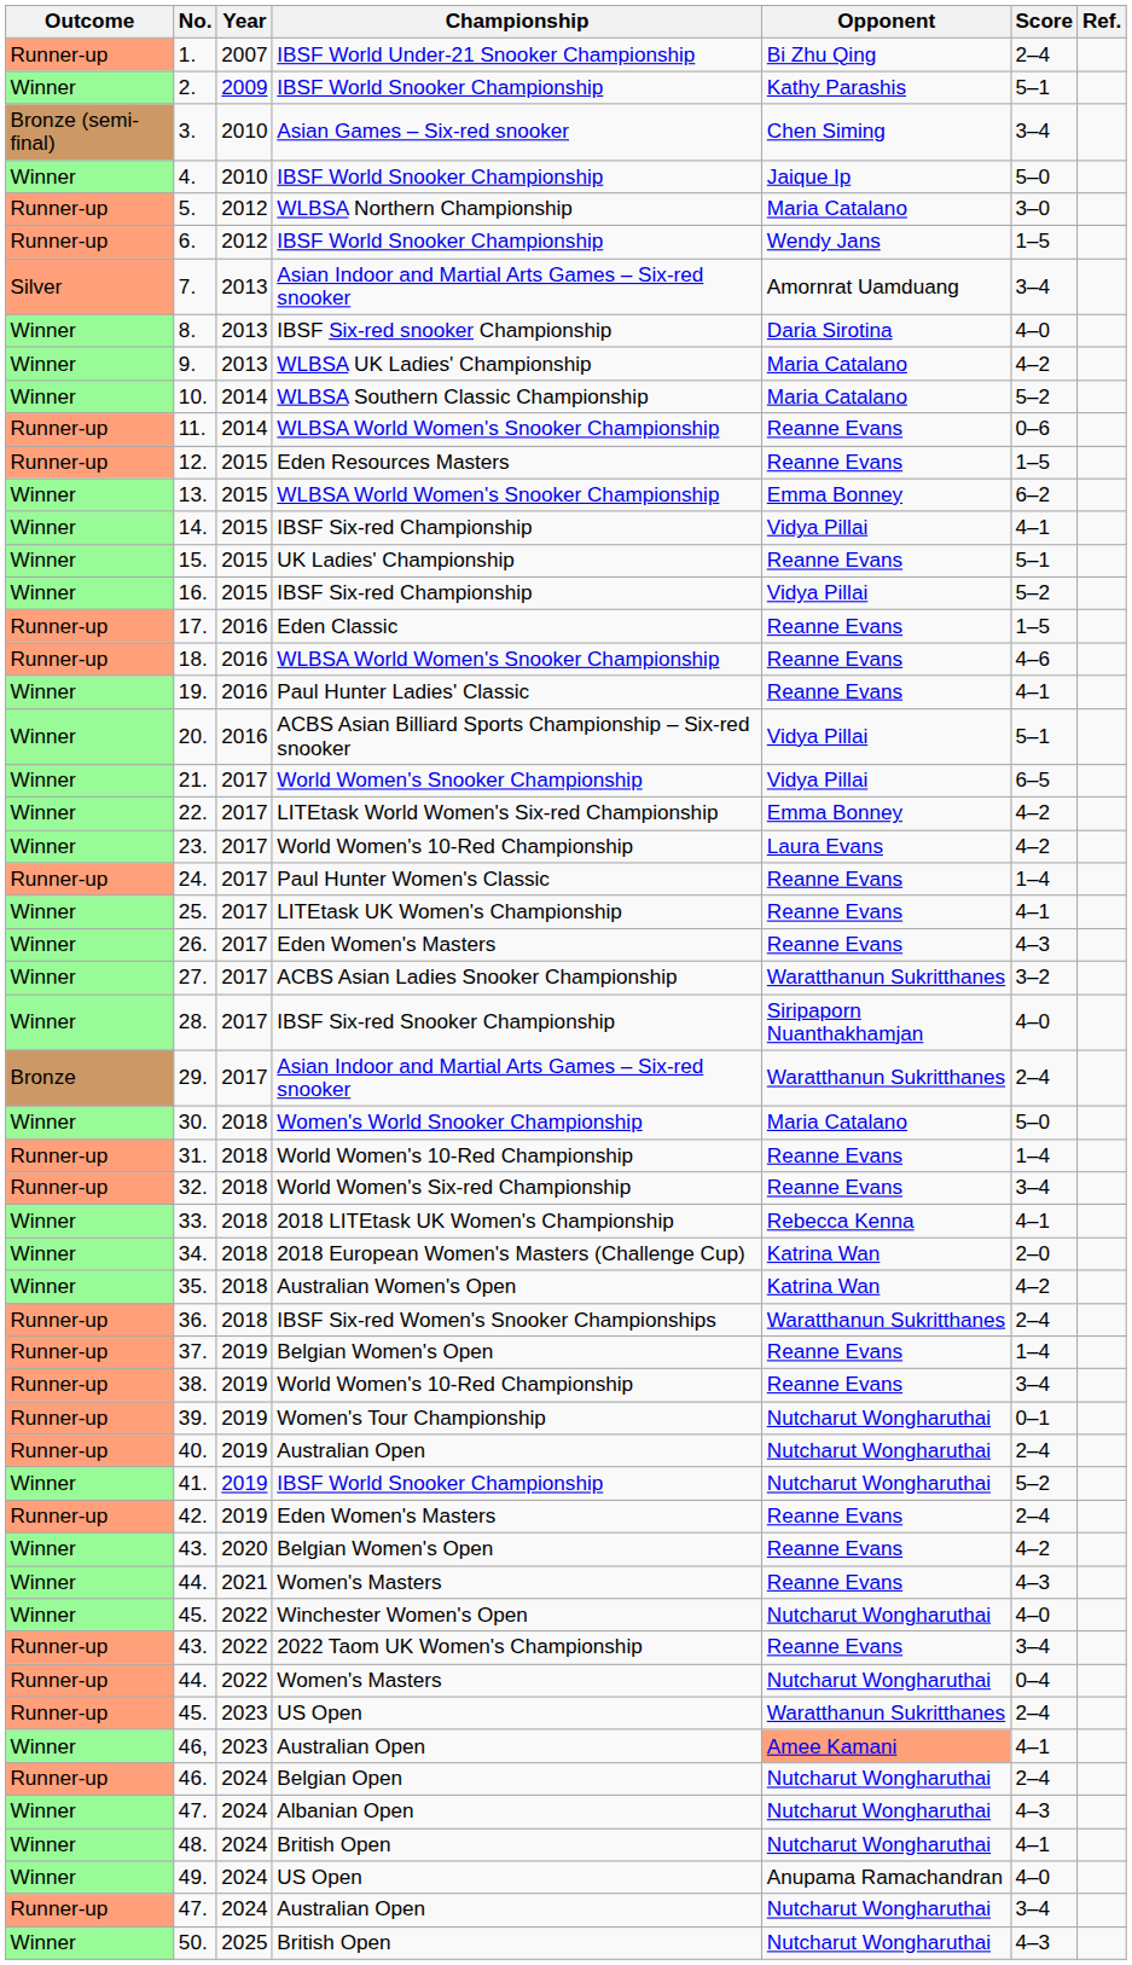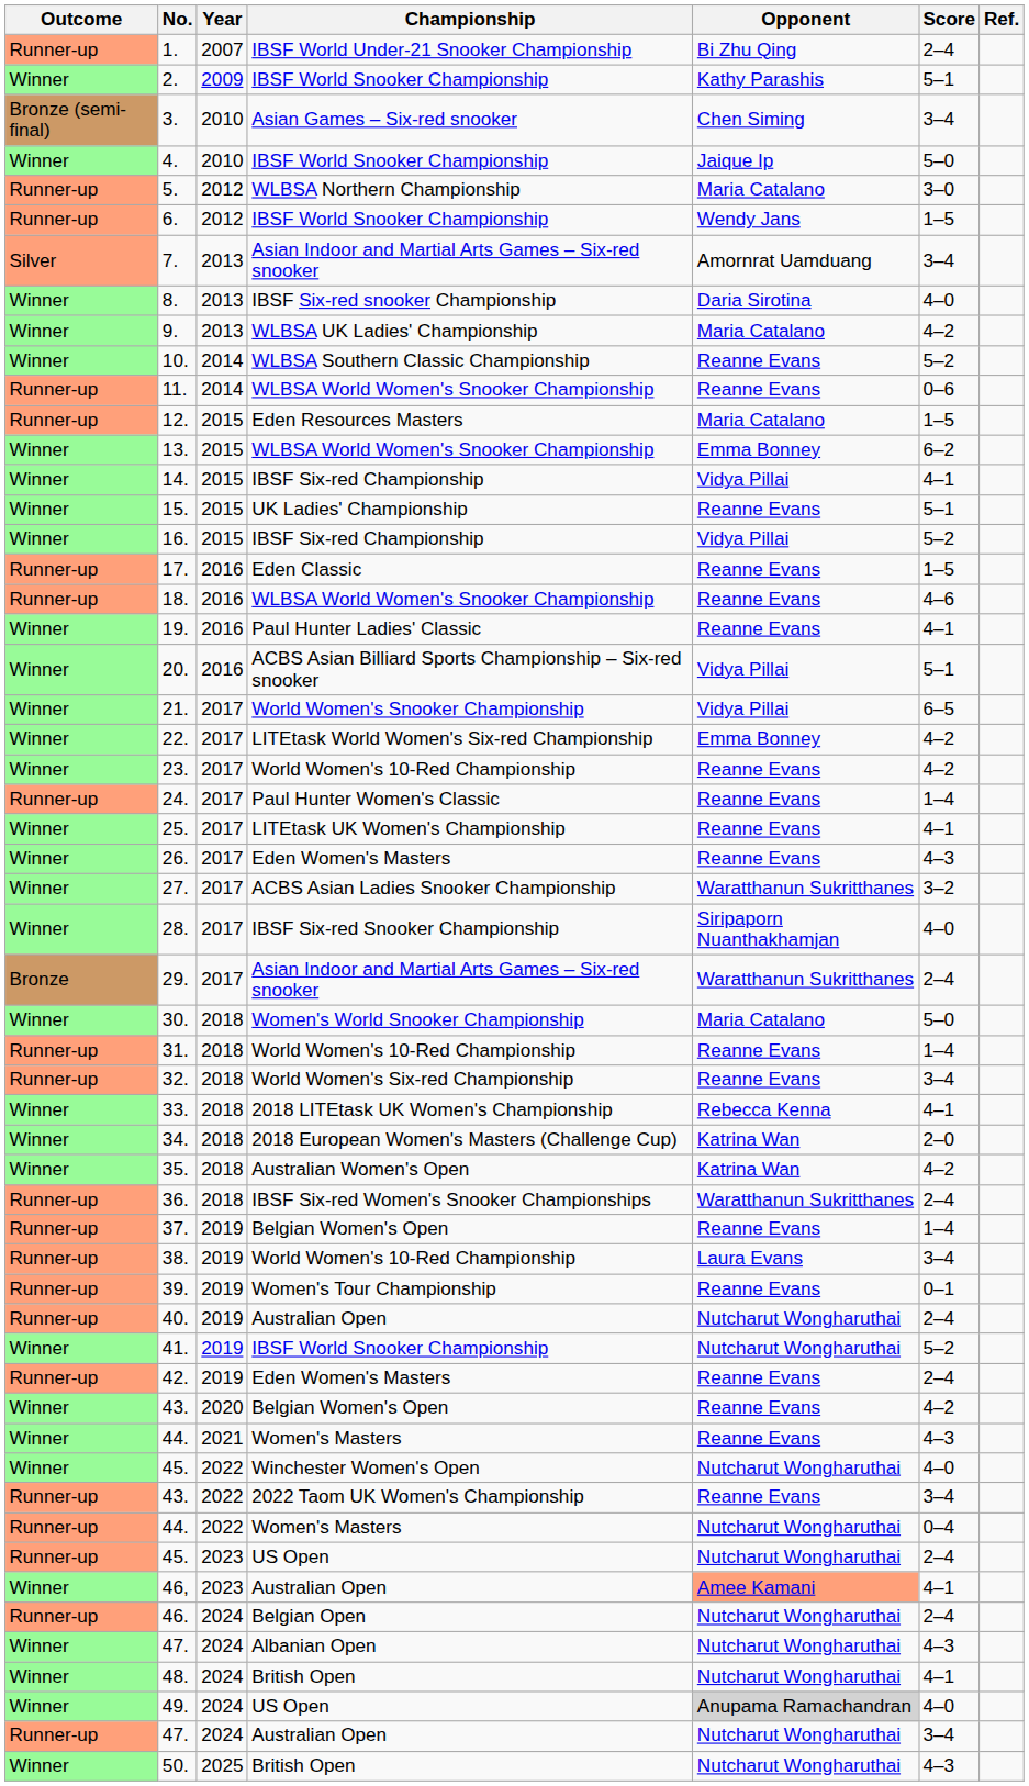 <table class="wikitable">
 <tr>
 <th>Outcome</th>
 <th>No.</th>
 <th>Year</th>
 <th>Championship</th>
 <th>Opponent</th>
 <th>Score</th>
 <th>Ref.</th>
 </tr>
 <tr>
 <td style="background:#ffa07a;">Runner-up</td>
 <td>1.</td>
 <td>2007</td>
 <td><a href='#'>IBSF World Under-21 Snooker Championship</a></td>
 <td><a href='#'>Bi Zhu Qing</a></td>
 <td>2–4</td>
 <td></td>
 </tr>
 <tr>
 <td style="background:#98FB98">Winner</td>
 <td>2.</td>
 <td><a href='#'>2009</a></td>
 <td><a href='#'>IBSF World Snooker Championship</a></td>
 <td><a href='#'>Kathy Parashis</a></td>
 <td>5–1</td>
 <td></td>
 </tr>
 <tr>
 <td style="background:#c96;">Bronze (semi-final)</td>
 <td>3.</td>
 <td>2010</td>
 <td><a href='#'>Asian Games – Six-red snooker</a></td>
 <td><a href='#'>Chen Siming</a></td>
 <td>3–4</td>
 <td></td>
 </tr>
 <tr>
 <td style="background:#98FB98">Winner</td>
 <td>4.</td>
 <td>2010</td>
 <td><a href='#'>IBSF World Snooker Championship</a></td>
 <td><a href='#'>Jaique Ip</a></td>
 <td>5–0</td>
 <td></td>
 </tr>
 <tr>
 <td style="background:#ffa07a;">Runner-up</td>
 <td>5.</td>
 <td>2012</td>
 <td><a href='#'>WLBSA</a> Northern Championship</td>
 <td><a href='#'>Maria Catalano</a></td>
 <td>3–0</td>
 <td></td>
 </tr>
 <tr>
 <td style="background:#ffa07a;">Runner-up</td>
 <td>6.</td>
 <td>2012</td>
 <td><a href='#'>IBSF World Snooker Championship</a></td>
 <td><a href='#'>Wendy Jans</a></td>
 <td>1–5</td>
 <td></td>
 </tr>
 <tr>
 <td style="background:#ffa07a;">Silver</td>
 <td>7.</td>
 <td>2013</td>
 <td><a href='#'>Asian Indoor and Martial Arts Games – Six-red snooker</a></td>
 <td>Amornrat Uamduang</td>
 <td>3–4</td>
 <td></td>
 </tr>
 <tr>
 <td style="background:#98FB98">Winner</td>
 <td>8.</td>
 <td>2013</td>
 <td>IBSF <a href='#'>Six-red snooker</a> Championship</td>
 <td><a href='#'>Daria Sirotina</a></td>
 <td>4–0</td>
 <td></td>
 </tr>
 <tr>
 <td style="background:#98FB98">Winner</td>
 <td>9.</td>
 <td>2013</td>
 <td><a href='#'>WLBSA</a> UK Ladies' Championship</td>
 <td><a href='#'>Maria Catalano</a></td>
 <td>4–2</td>
 <td></td>
 </tr>
 <tr>
 <td style="background:#98FB98">Winner</td>
 <td>10.</td>
 <td>2014</td>
 <td><a href='#'>WLBSA</a> Southern Classic Championship</td>
-<td><a href='#'>Maria Catalano</a></td>
+<td><a href='#'>Reanne Evans</a></td>
 <td>5–2</td>
 <td></td>
 </tr>
 <tr>
 <td style="background:#ffa07a;">Runner-up</td>
 <td>11.</td>
 <td>2014</td>
 <td><a href='#'>WLBSA World Women's Snooker Championship</a></td>
 <td><a href='#'>Reanne Evans</a></td>
 <td>0–6</td>
 <td></td>
 </tr>
 <tr>
 <td style="background:#ffa07a;">Runner-up</td>
 <td>12.</td>
 <td>2015</td>
 <td>Eden Resources Masters</td>
-<td><a href='#'>Reanne Evans</a></td>
+<td><a href='#'>Maria Catalano</a></td>
 <td>1–5</td>
 <td></td>
 </tr>
 <tr>
 <td style="background:#98FB98">Winner</td>
 <td>13.</td>
 <td>2015</td>
 <td><a href='#'>WLBSA World Women's Snooker Championship</a></td>
 <td><a href='#'>Emma Bonney</a></td>
 <td>6–2</td>
 <td></td>
 </tr>
 <tr>
 <td style="background:#98FB98">Winner</td>
 <td>14.</td>
 <td>2015</td>
 <td>IBSF Six-red Championship</td>
 <td><a href='#'>Vidya Pillai</a></td>
 <td>4–1</td>
 <td></td>
 </tr>
 <tr>
 <td style="background:#98FB98">Winner</td>
 <td>15.</td>
 <td>2015</td>
 <td>UK Ladies' Championship</td>
 <td><a href='#'>Reanne Evans</a></td>
 <td>5–1</td>
 <td></td>
 </tr>
 <tr>
 <td style="background:#98FB98">Winner</td>
 <td>16.</td>
 <td>2015</td>
 <td>IBSF Six-red Championship</td>
 <td><a href='#'>Vidya Pillai</a></td>
 <td>5–2</td>
 <td></td>
 </tr>
 <tr>
 <td style="background:#ffa07a;">Runner-up</td>
 <td>17.</td>
 <td>2016</td>
 <td>Eden Classic</td>
 <td><a href='#'>Reanne Evans</a></td>
 <td>1–5</td>
 <td></td>
 </tr>
 <tr>
 <td style="background:#ffa07a;">Runner-up</td>
 <td>18.</td>
 <td>2016</td>
 <td><a href='#'>WLBSA World Women's Snooker Championship</a></td>
 <td><a href='#'>Reanne Evans</a></td>
 <td>4–6</td>
 <td></td>
 </tr>
 <tr>
 <td style="background:#98FB98">Winner</td>
 <td>19.</td>
 <td>2016</td>
 <td>Paul Hunter Ladies' Classic</td>
 <td><a href='#'>Reanne Evans</a></td>
 <td>4–1</td>
 <td></td>
 </tr>
 <tr>
 <td style="background:#98FB98">Winner</td>
 <td>20.</td>
 <td>2016</td>
 <td>ACBS Asian Billiard Sports Championship – Six-red snooker</td>
 <td><a href='#'>Vidya Pillai</a></td>
 <td>5–1</td>
 <td></td>
 </tr>
 <tr>
 <td style="background:#98FB98">Winner</td>
 <td>21.</td>
 <td>2017</td>
 <td><a href='#'>World Women's Snooker Championship</a></td>
 <td><a href='#'>Vidya Pillai</a></td>
 <td>6–5</td>
 <td></td>
 </tr>
 <tr>
 <td style="background:#98FB98">Winner</td>
 <td>22.</td>
 <td>2017</td>
 <td>LITEtask World Women's Six-red Championship</td>
 <td><a href='#'>Emma Bonney</a></td>
 <td>4–2</td>
 <td></td>
 </tr>
 <tr>
 <td style="background:#98FB98">Winner</td>
 <td>23.</td>
 <td>2017</td>
 <td>World Women's 10-Red Championship</td>
-<td><a href='#'>Laura Evans</a></td>
+<td><a href='#'>Reanne Evans</a></td>
 <td>4–2</td>
 <td></td>
 </tr>
 <tr>
 <td style="background:#ffa07a;">Runner-up</td>
 <td>24.</td>
 <td>2017</td>
 <td>Paul Hunter Women's Classic</td>
 <td><a href='#'>Reanne Evans</a></td>
 <td>1–4</td>
 <td></td>
 </tr>
 <tr>
 <td style="background:#98FB98">Winner</td>
 <td>25.</td>
 <td>2017</td>
 <td>LITEtask UK Women's Championship</td>
 <td><a href='#'>Reanne Evans</a></td>
 <td>4–1</td>
 <td></td>
 </tr>
 <tr>
 <td style="background:#98FB98">Winner</td>
 <td>26.</td>
 <td>2017</td>
 <td>Eden Women's Masters</td>
 <td><a href='#'>Reanne Evans</a></td>
 <td>4–3</td>
 <td></td>
 </tr>
 <tr>
 <td style="background:#98FB98">Winner</td>
 <td>27.</td>
 <td>2017</td>
 <td>ACBS Asian Ladies Snooker Championship</td>
 <td><a href='#'>Waratthanun Sukritthanes</a></td>
 <td>3–2</td>
 <td></td>
 </tr>
 <tr>
 <td style="background:#98FB98">Winner</td>
 <td>28.</td>
 <td>2017</td>
 <td>IBSF Six-red Snooker Championship</td>
 <td><a href='#'>Siripaporn Nuanthakhamjan</a></td>
 <td>4–0</td>
 <td></td>
 </tr>
 <tr>
 <td style="background:#c96">Bronze</td>
 <td>29.</td>
 <td>2017</td>
 <td><a href='#'>Asian Indoor and Martial Arts Games – Six-red snooker</a></td>
 <td><a href='#'>Waratthanun Sukritthanes</a></td>
 <td>2–4</td>
 <td></td>
 </tr>
 <tr>
 <td style="background:#98FB98">Winner</td>
 <td>30.</td>
 <td>2018</td>
 <td><a href='#'>Women's World Snooker Championship</a></td>
 <td><a href='#'>Maria Catalano</a></td>
 <td>5–0</td>
 <td></td>
 </tr>
 <tr>
 <td style="background:#ffa07a;">Runner-up</td>
 <td>31.</td>
 <td>2018</td>
 <td>World Women's 10-Red Championship</td>
 <td><a href='#'>Reanne Evans</a></td>
 <td>1–4</td>
 <td></td>
 </tr>
 <tr>
 <td style="background:#ffa07a;">Runner-up</td>
 <td>32.</td>
 <td>2018</td>
 <td>World Women's Six-red Championship</td>
 <td><a href='#'>Reanne Evans</a></td>
 <td>3–4</td>
 <td></td>
 </tr>
 <tr>
 <td style="background:#98FB98">Winner</td>
 <td>33.</td>
 <td>2018</td>
 <td>2018 LITEtask UK Women's Championship</td>
 <td><a href='#'>Rebecca Kenna</a></td>
 <td>4–1</td>
 <td></td>
 </tr>
 <tr>
 <td style="background:#98FB98">Winner</td>
 <td>34.</td>
 <td>2018</td>
 <td>2018 European Women's Masters (Challenge Cup)</td>
 <td><a href='#'>Katrina Wan</a></td>
 <td>2–0</td>
 <td></td>
 </tr>
 <tr>
 <td style="background:#98FB98">Winner</td>
 <td>35.</td>
 <td>2018</td>
 <td>Australian Women's Open</td>
 <td><a href='#'>Katrina Wan</a></td>
 <td>4–2</td>
 <td></td>
 </tr>
 <tr>
 <td style="background:#ffa07a;">Runner-up</td>
 <td>36.</td>
 <td>2018</td>
 <td>IBSF Six-red Women's Snooker Championships</td>
 <td><a href='#'>Waratthanun Sukritthanes</a></td>
 <td>2–4</td>
 <td></td>
 </tr>
 <tr>
 <td style="background:#ffa07a;">Runner-up</td>
 <td>37.</td>
 <td>2019</td>
 <td>Belgian Women's Open</td>
 <td><a href='#'>Reanne Evans</a></td>
 <td>1–4</td>
 <td></td>
 </tr>
 <tr>
 <td style="background:#ffa07a;">Runner-up</td>
 <td>38.</td>
 <td>2019</td>
 <td>World Women's 10-Red Championship</td>
-<td><a href='#'>Reanne Evans</a></td>
+<td><a href='#'>Laura Evans</a></td>
 <td>3–4</td>
 <td></td>
 </tr>
 <tr>
 <td style="background:#ffa07a;">Runner-up</td>
 <td>39.</td>
 <td>2019</td>
 <td>Women's Tour Championship</td>
-<td><a href='#'>Nutcharut Wongharuthai</a></td>
+<td><a href='#'>Reanne Evans</a></td>
 <td>0–1</td>
 <td></td>
 </tr>
 <tr>
 <td style="background:#ffa07a;">Runner-up</td>
 <td>40.</td>
 <td>2019</td>
 <td>Australian Open</td>
 <td><a href='#'>Nutcharut Wongharuthai</a></td>
 <td>2–4</td>
 <td></td>
 </tr>
 <tr>
 <td style="background:#98FB98">Winner</td>
 <td>41.</td>
 <td><a href='#'>2019</a></td>
 <td><a href='#'>IBSF World Snooker Championship</a></td>
 <td><a href='#'>Nutcharut Wongharuthai</a></td>
 <td>5–2</td>
 <td></td>
 </tr>
 <tr>
 <td style="background:#ffa07a;">Runner-up</td>
 <td>42.</td>
 <td>2019</td>
 <td>Eden Women's Masters</td>
 <td><a href='#'>Reanne Evans</a></td>
 <td>2–4</td>
 <td></td>
 </tr>
 <tr>
 <td style="background:#98FB98">Winner</td>
 <td>43.</td>
 <td>2020</td>
 <td>Belgian Women's Open</td>
 <td><a href='#'>Reanne Evans</a></td>
 <td>4–2</td>
 <td></td>
 </tr>
 <tr>
 <td style="background:#98FB98">Winner</td>
 <td>44.</td>
 <td>2021</td>
 <td>Women's Masters</td>
 <td><a href='#'>Reanne Evans</a></td>
 <td>4–3</td>
 <td></td>
 </tr>
 <tr>
 <td style="background:#98FB98">Winner</td>
 <td>45.</td>
 <td>2022</td>
 <td>Winchester Women's Open</td>
 <td><a href='#'>Nutcharut Wongharuthai</a></td>
 <td>4–0</td>
 <td></td>
 </tr>
 <tr>
 <td style="background:#ffa07a;">Runner-up</td>
 <td>43.</td>
 <td>2022</td>
 <td>2022 Taom UK Women's Championship</td>
 <td><a href='#'>Reanne Evans</a></td>
 <td>3–4</td>
 <td></td>
 </tr>
 <tr>
 <td style="background:#ffa07a;">Runner-up</td>
 <td>44.</td>
 <td>2022</td>
 <td>Women's Masters</td>
 <td><a href='#'>Nutcharut Wongharuthai</a></td>
 <td>0–4</td>
 <td></td>
 </tr>
 <tr>
 <td style="background:#ffa07a;">Runner-up</td>
 <td>45.</td>
 <td>2023</td>
 <td>US Open</td>
-<td><a href='#'>Waratthanun Sukritthanes</a></td>
+<td><a href='#'>Nutcharut Wongharuthai</a></td>
 <td>2–4</td>
 <td></td>
 </tr>
 <tr>
 <td style="background:#98FB98">Winner</td>
 <td>46,</td>
 <td>2023</td>
 <td>Australian Open</td>
 <td style="background: lightsalmon;"><a href='#'>Amee Kamani</a></td>
 <td>4–1</td>
 <td></td>
 </tr>
 <tr>
 <td style="background:#ffa07a;">Runner-up</td>
 <td>46.</td>
 <td>2024</td>
 <td>Belgian Open</td>
 <td><a href='#'>Nutcharut Wongharuthai</a></td>
 <td>2–4</td>
 <td></td>
 </tr>
 <tr>
 <td style="background:#98FB98">Winner</td>
 <td>47.</td>
 <td>2024</td>
 <td>Albanian Open</td>
 <td><a href='#'>Nutcharut Wongharuthai</a></td>
 <td>4–3</td>
 <td></td>
 </tr>
 <tr>
 <td style="background:#98FB98">Winner</td>
 <td>48.</td>
 <td>2024</td>
 <td>British Open</td>
 <td><a href='#'>Nutcharut Wongharuthai</a></td>
 <td>4–1</td>
 <td></td>
 </tr>
 <tr>
 <td style="background:#98FB98">Winner</td>
 <td>49.</td>
 <td>2024</td>
 <td>US Open</td>
-<td>Anupama Ramachandran</td>
+<td style="background: lightgrey;">Anupama Ramachandran</td>
 <td>4–0</td>
 <td></td>
 </tr>
 <tr>
 <td style="background:#ffa07a;">Runner-up</td>
 <td>47.</td>
 <td>2024</td>
 <td>Australian Open</td>
 <td><a href='#'>Nutcharut Wongharuthai</a></td>
 <td>3–4</td>
 <td></td>
 </tr>
 <tr>
 <td style="background:#98FB98">Winner</td>
 <td>50.</td>
 <td>2025</td>
 <td>British Open</td>
 <td><a href='#'>Nutcharut Wongharuthai</a></td>
 <td>4–3</td>
 <td></td>
 </tr>
 </table>
